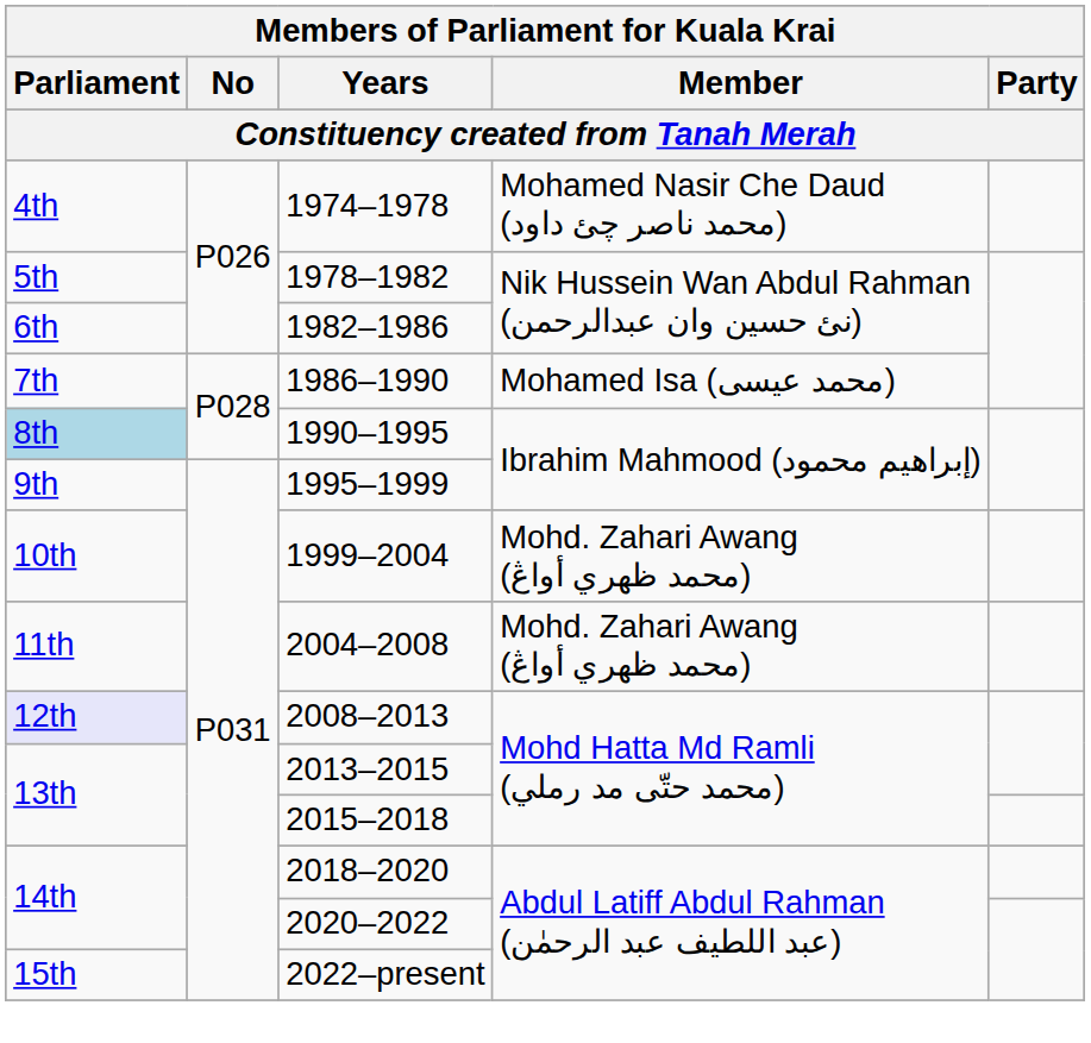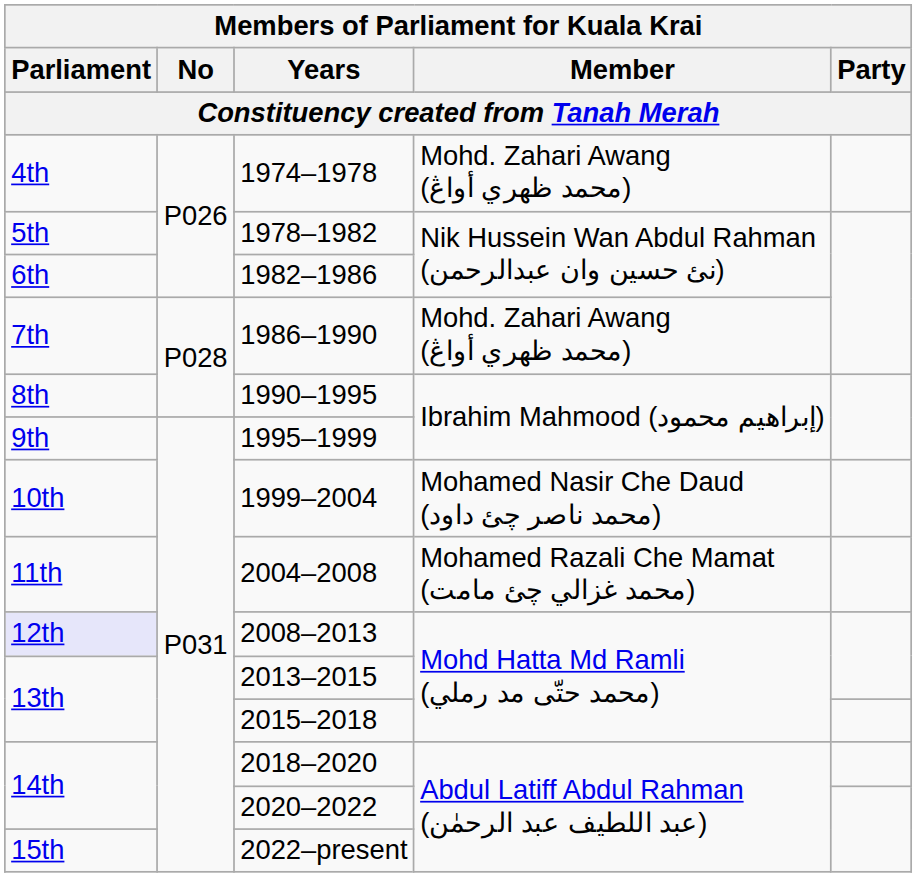 <table class=wikitable>
 <tr>
 <th colspan="5">Members of Parliament for Kuala Krai</th>
 </tr>
 <tr>
 <th>Parliament</th>
 <th>No</th>
 <th>Years</th>
 <th>Member</th>
 <th>Party</th>
 </tr>
 <tr>
 <th colspan="5" align="center"><em>Constituency created from <a href='#'>Tanah Merah</a></em></th>
 </tr>
 <tr>
 <td><a href='#'>4th</a></td>
 <td rowspan="3">P026</td>
 <td>1974–1978</td>
-<td>Mohamed Nasir Che Daud  <br>(محمد ناصر چئ داود)</td>
+<td>Mohd. Zahari Awang <br>(محمد ظهري أواڠ)</td>
 <td></td>
 </tr>
 <tr>
 <td><a href='#'>5th</a></td>
 <td>1978–1982</td>
 <td rowspan=2>Nik Hussein Wan Abdul Rahman  <br>(نئ حسين وان عبدالرحمن)</td>
 <td rowspan="3"></td>
 </tr>
 <tr>
 <td><a href='#'>6th</a></td>
 <td>1982–1986</td>
 </tr>
 <tr>
 <td><a href='#'>7th</a></td>
 <td rowspan="2">P028</td>
 <td>1986–1990</td>
-<td>Mohamed Isa (محمد عيسى)</td>
+<td>Mohd. Zahari Awang <br>(محمد ظهري أواڠ)</td>
 </tr>
 <tr>
-<td style="background: lightblue;"><a href='#'>8th</a></td>
+<td><a href='#'>8th</a></td>
 <td>1990–1995</td>
 <td rowspan=2>Ibrahim Mahmood (إبراهيم محمود)</td>
 <td rowspan="2"></td>
 </tr>
 <tr>
 <td><a href='#'>9th</a></td>
 <td rowspan="9">P031</td>
 <td>1995–1999</td>
 </tr>
 <tr>
 <td><a href='#'>10th</a></td>
 <td>1999–2004</td>
-<td>Mohd. Zahari Awang <br>(محمد ظهري أواڠ)</td>
+<td>Mohamed Nasir Che Daud  <br>(محمد ناصر چئ داود)</td>
 <td></td>
 </tr>
 <tr>
 <td><a href='#'>11th</a></td>
 <td>2004–2008</td>
-<td>Mohd. Zahari Awang <br>(محمد ظهري أواڠ)</td>
+<td>Mohamed Razali Che Mamat  <br>(محمد غزالي چئ مامت)</td>
 <td></td>
 </tr>
 <tr>
 <td style="background: lavender;"><a href='#'>12th</a></td>
 <td>2008–2013</td>
 <td rowspan=3><a href='#'>Mohd Hatta Md Ramli</a> <br>(محمد حتّى مد رملي)</td>
 <td rowspan="2"></td>
 </tr>
 <tr>
 <td rowspan=2><a href='#'>13th</a></td>
 <td>2013–2015</td>
 </tr>
 <tr>
 <td>2015–2018</td>
 <td></td>
 </tr>
 <tr>
 <td rowspan=2><a href='#'>14th</a></td>
 <td>2018–2020</td>
 <td rowspan="3"><a href='#'>Abdul Latiff Abdul Rahman</a> <br>(عبد اللطيف عبد الرحمٰن)</td>
 <td></td>
 </tr>
 <tr>
 <td>2020–2022</td>
 <td rowspan="2"></td>
 </tr>
 <tr>
 <td><a href='#'>15th</a></td>
 <td>2022–present</td>
 </tr>
 </table>
